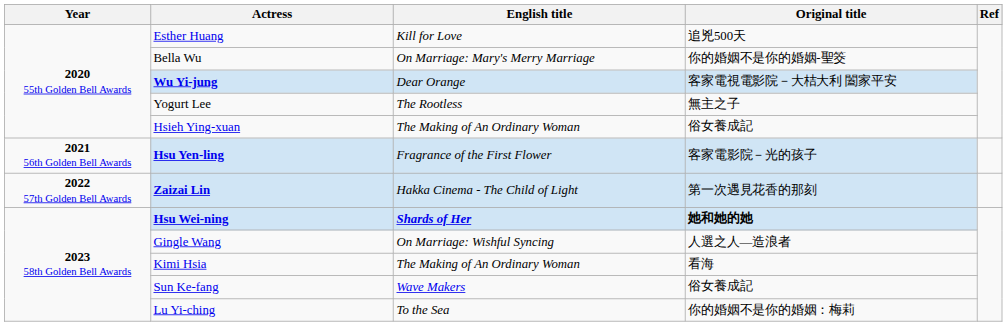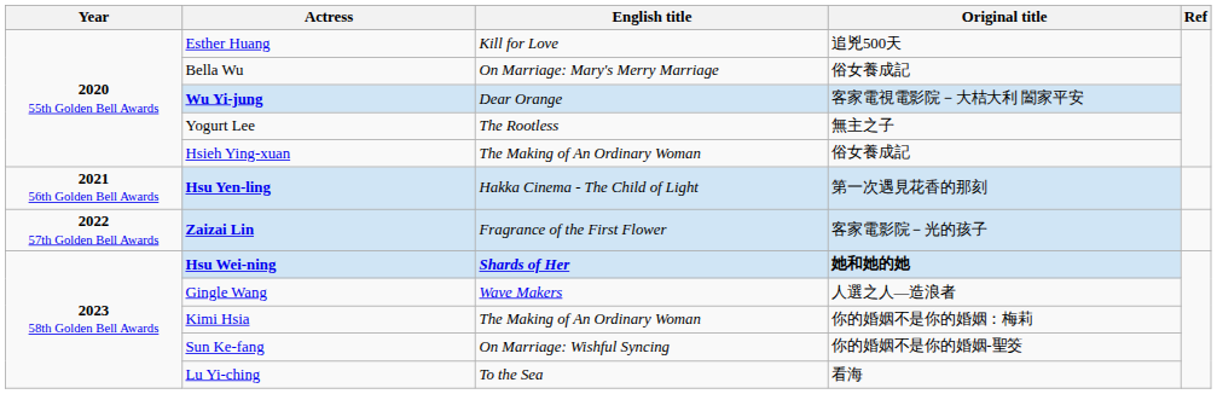 <table class="wikitable">
 <tr style="background:#bebebe;">
 <th style="width:15%;">Year</th>
 <th style="width:25%;">Actress</th>
 <th style="width:30%;">English title</th>
 <th style="width:30%;">Original title</th>
 <th style="width:2%;">Ref</th>
 </tr>
 <tr>
 <td rowspan=5 style="text-align:center"><strong>2020</strong> <br> <small><a href='#'>55th Golden Bell Awards</a></small></td>
 <td><a href='#'>Esther Huang</a></td>
 <td><em>Kill for Love</em></td>
 <td>追兇500天</td>
 <td rowspan=5></td>
 </tr>
 <tr>
 <td>Bella Wu</td>
 <td><em>On Marriage: Mary's Merry Marriage</em></td>
-<td>你的婚姻不是你的婚姻-聖筊</td>
+<td>俗女養成記</td>
 </tr>
 <tr>
 <td style="background:#d0e5f5;"><strong><a href='#'>Wu Yi-jung</a></strong></td>
 <td style="background:#d0e5f5;"><em>Dear Orange</em></td>
 <td style="background:#d0e5f5;">客家電視電影院－大桔大利 闔家平安</td>
 </tr>
 <tr>
 <td>Yogurt Lee</td>
 <td><em>The Rootless</em></td>
 <td>無主之子</td>
 </tr>
 <tr>
 <td><a href='#'>Hsieh Ying-xuan</a></td>
 <td><em>The Making of An Ordinary Woman</em></td>
 <td>俗女養成記</td>
 </tr>
 <tr>
 <td rowspan=1 style="text-align:center"><strong>2021</strong> <br> <small><a href='#'>56th Golden Bell Awards</a></small></td>
 <td style="background:#d0e5f5;"><strong><a href='#'>Hsu Yen-ling</a></strong></td>
-<td style="background:#d0e5f5;"><em>Fragrance of the First Flower</em></td>
-<td style="background:#d0e5f5;">客家電影院－光的孩子</td>
+<td style="background:#d0e5f5;"><em>Hakka Cinema - The Child of Light</em></td>
+<td style="background:#d0e5f5;">第一次遇見花香的那刻</td>
 <td></td>
 </tr>
 <tr>
 <td rowspan=1 style="text-align:center"><strong>2022</strong> <br> <small><a href='#'>57th Golden Bell Awards</a></small></td>
 <td style="background:#d0e5f5;"><strong><a href='#'>Zaizai Lin</a></strong></td>
-<td style="background:#d0e5f5;"><em>Hakka Cinema - The Child of Light</em></td>
-<td style="background:#d0e5f5;">第一次遇見花香的那刻</td>
+<td style="background:#d0e5f5;"><em>Fragrance of the First Flower</em></td>
+<td style="background:#d0e5f5;">客家電影院－光的孩子</td>
 <td></td>
 </tr>
 <tr>
 <td rowspan=5 style="text-align:center"><strong>2023</strong> <br> <small><a href='#'>58th Golden Bell Awards</a></small></td>
 <td style="background:#d0e5f5;"><strong><a href='#'>Hsu Wei-ning</a></strong></td>
 <td style="background:#d0e5f5;"><strong><em><a href='#'>Shards of Her</a></em></strong></td>
 <td style="background:#d0e5f5;"><strong>她和她的她</strong></td>
 <td rowspan=5></td>
 </tr>
 <tr>
 <td><a href='#'>Gingle Wang</a></td>
-<td><em>On Marriage: Wishful Syncing</em></td>
+<td><em><a href='#'>Wave Makers</a></em></td>
 <td>人選之人—造浪者</td>
 </tr>
 <tr>
 <td><a href='#'>Kimi Hsia</a></td>
 <td><em>The Making of An Ordinary Woman</em></td>
-<td>看海</td>
+<td>你的婚姻不是你的婚姻：梅莉</td>
 </tr>
 <tr>
 <td><a href='#'>Sun Ke-fang</a></td>
-<td><em><a href='#'>Wave Makers</a></em></td>
-<td>俗女養成記</td>
+<td><em>On Marriage: Wishful Syncing</em></td>
+<td>你的婚姻不是你的婚姻-聖筊</td>
 </tr>
 <tr>
 <td><a href='#'>Lu Yi-ching</a></td>
 <td><em>To the Sea</em></td>
-<td>你的婚姻不是你的婚姻：梅莉</td>
+<td>看海</td>
 </tr>
 </table>
